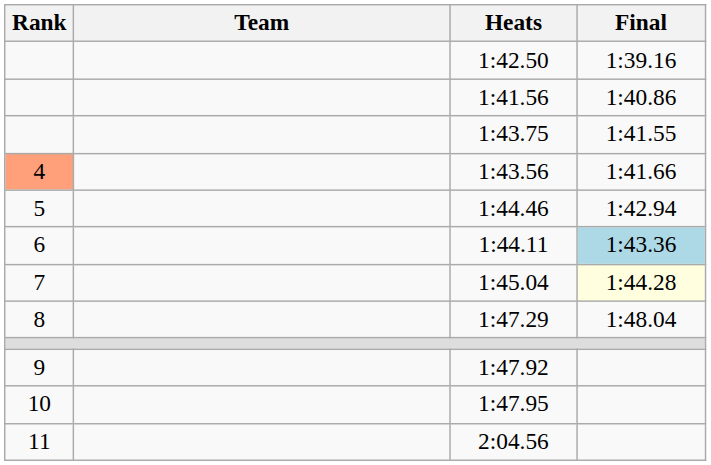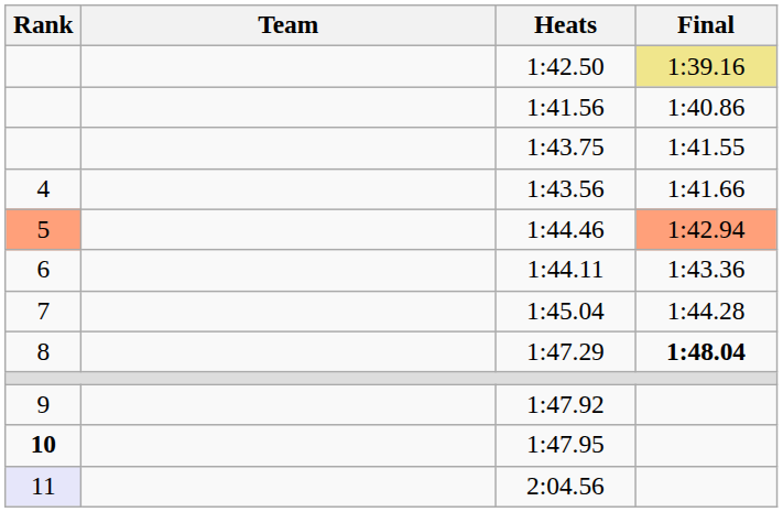 <table class=wikitable style="text-align:center">
 <tr>
 <th width=40>Rank</th>
 <th width=250>Team</th>
 <th width=80>Heats</th>
 <th width=80>Final</th>
 </tr>
 <tr>
 <td></td>
 <td align=left></td>
 <td>1:42.50</td>
-<td>1:39.16</td>
+<td style="background: khaki;">1:39.16</td>
 </tr>
 <tr>
 <td></td>
 <td align=left></td>
 <td>1:41.56</td>
 <td>1:40.86</td>
 </tr>
 <tr>
 <td></td>
 <td align=left></td>
 <td>1:43.75</td>
 <td>1:41.55</td>
 </tr>
 <tr>
-<td style="background: lightsalmon;">4</td>
+<td>4</td>
 <td align=left></td>
 <td>1:43.56</td>
 <td>1:41.66</td>
 </tr>
 <tr>
-<td>5</td>
+<td style="background: lightsalmon;">5</td>
 <td align=left></td>
 <td>1:44.46</td>
-<td>1:42.94</td>
+<td style="background: lightsalmon;">1:42.94</td>
 </tr>
 <tr>
 <td>6</td>
 <td align=left></td>
 <td>1:44.11</td>
-<td style="background: lightblue;">1:43.36</td>
+<td>1:43.36</td>
 </tr>
 <tr>
 <td>7</td>
 <td align=left></td>
 <td>1:45.04</td>
-<td style="background: lightyellow;">1:44.28</td>
+<td>1:44.28</td>
 </tr>
 <tr>
 <td>8</td>
 <td align=left></td>
 <td>1:47.29</td>
-<td>1:48.04</td>
+<td><strong>1:48.04</strong></td>
 </tr>
 <tr bgcolor=#DDDDDD>
 <td colspan=4></td>
 </tr>
 <tr>
 <td>9</td>
 <td align=left></td>
 <td>1:47.92</td>
 <td></td>
 </tr>
 <tr>
-<td>10</td>
+<td><strong>10</strong></td>
 <td align=left></td>
 <td>1:47.95</td>
 <td></td>
 </tr>
 <tr>
-<td>11</td>
+<td style="background: lavender;">11</td>
 <td align=left></td>
 <td>2:04.56</td>
 <td></td>
 </tr>
 </table>
